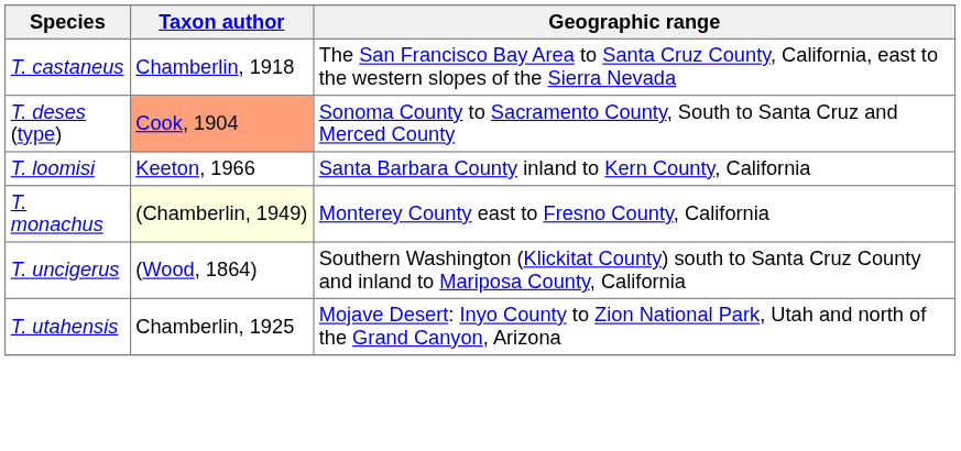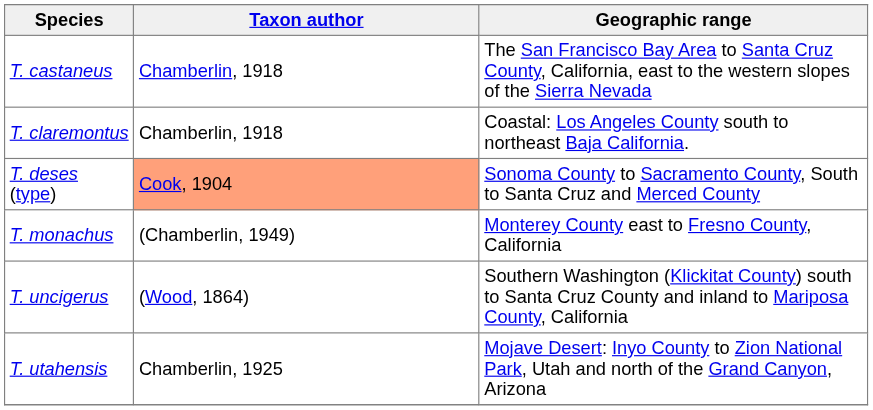 <table |cellspacing=0 cellpadding=4 border=1 style="width: 60%; border-collapse: collapse;">
 <tr>
 </tr>
 <tr>
 <th bgcolor="#f0f0f0">Species</th>
 <th bgcolor="#f0f0f0"><a href='#'>Taxon author</a></th>
 <th bgcolor="#f0f0f0">Geographic range</th>
 </tr>
 <tr>
 <td><em><a href='#'>T. castaneus</a></em></td>
 <td><a href='#'>Chamberlin</a>, 1918</td>
 <td>The <a href='#'>San Francisco Bay Area</a> to  <a href='#'>Santa Cruz County</a>, California, east to the western slopes of the <a href='#'>Sierra Nevada</a></td>
 </tr>
 <tr>
+<td><em><a href='#'>T. claremontus</a></em></td>
+<td style="width:40%">Chamberlin, 1918</td>
+<td>Coastal: <a href='#'>Los Angeles County</a> south to northeast <a href='#'>Baja California</a>.</td>
+</tr>
+<tr>
 <td><em><a href='#'>T. deses</a></em> <br>(<a href='#'>type</a>)</td>
 <td style="background: lightsalmon;"><a href='#'>Cook</a>, 1904</td>
 <td><a href='#'>Sonoma County</a> to <a href='#'>Sacramento County</a>, South to Santa Cruz and <a href='#'>Merced County</a></td>
 </tr>
 <tr>
-<td><em><a href='#'>T. loomisi</a></em></td>
-<td><a href='#'>Keeton</a>, 1966</td>
-<td><a href='#'>Santa Barbara County</a> inland to <a href='#'>Kern County</a>, California</td>
-</tr>
-<tr>
 <td><em><a href='#'>T. monachus</a></em></td>
-<td style="background: lightyellow;">(Chamberlin, 1949)</td>
+<td>(Chamberlin, 1949)</td>
 <td><a href='#'>Monterey County</a> east to <a href='#'>Fresno County</a>, California</td>
 </tr>
 <tr>
 <td><em><a href='#'>T. uncigerus</a></em></td>
 <td>(<a href='#'>Wood</a>, 1864)</td>
 <td>Southern Washington (<a href='#'>Klickitat County</a>) south to Santa Cruz County and inland to <a href='#'>Mariposa County</a>, California</td>
 </tr>
 <tr>
 <td><em><a href='#'>T. utahensis</a></em></td>
 <td>Chamberlin, 1925</td>
 <td><a href='#'>Mojave Desert</a>: <a href='#'>Inyo County</a> to <a href='#'>Zion National Park</a>, Utah and north of the <a href='#'>Grand Canyon</a>, Arizona</td>
 </tr>
 <tr>
 </tr>
 </table>
